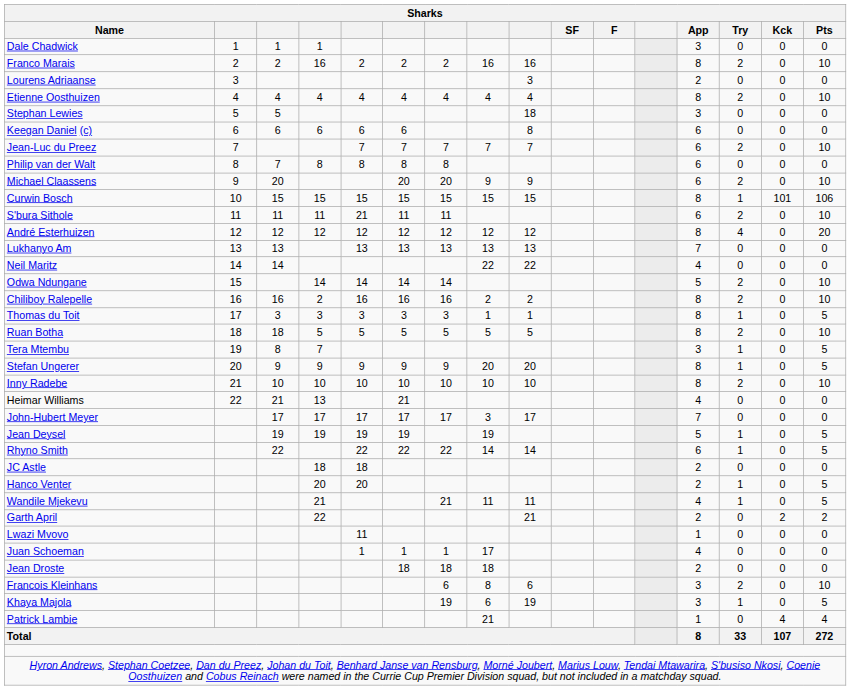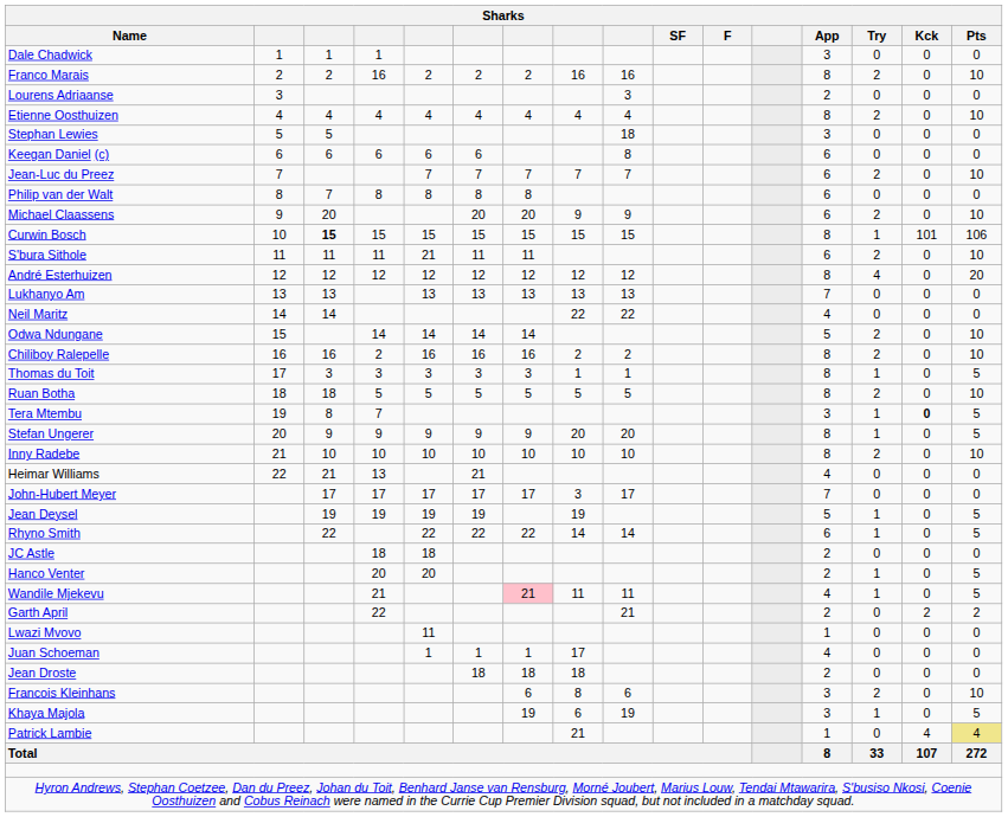 <table class="wikitable collapsible collapsed sortable" style="text-align:center; font-size:90%; width:90%">
 <tr>
 <th colspan="100%">Sharks</th>
 </tr>
 <tr>
 <th style="width:25%;">Name</th>
 <th style="width:5%;"></th>
 <th style="width:5%;"></th>
 <th style="width:5%;"></th>
 <th style="width:5%;"></th>
 <th style="width:5%;"></th>
 <th style="width:5%;"></th>
 <th style="width:5%;"></th>
 <th style="width:5%;"></th>
 <th style="width:5%;">SF</th>
 <th style="width:5%;">F</th>
 <th style="width:5%;"></th>
 <th style="width:5%;">App</th>
 <th style="width:5%;">Try</th>
 <th style="width:5%;">Kck</th>
 <th style="width:5%;">Pts</th>
 </tr>
 <tr>
 <td style="text-align:left;"><a href='#'>Dale Chadwick</a></td>
 <td>1</td>
 <td>1</td>
 <td>1</td>
 <td></td>
 <td></td>
 <td></td>
 <td></td>
 <td></td>
 <td></td>
 <td></td>
 <td style="background:#ECECEC;"></td>
 <td>3</td>
 <td>0</td>
 <td>0</td>
 <td>0</td>
 </tr>
 <tr>
 <td style="text-align:left;"><a href='#'>Franco Marais</a></td>
 <td>2</td>
 <td>2</td>
 <td>16 </td>
 <td>2</td>
 <td>2</td>
 <td>2</td>
 <td>16 </td>
 <td>16 </td>
 <td></td>
 <td></td>
 <td style="background:#ECECEC;"></td>
 <td>8</td>
 <td>2</td>
 <td>0</td>
 <td>10</td>
 </tr>
 <tr>
 <td style="text-align:left;"><a href='#'>Lourens Adriaanse</a></td>
 <td>3</td>
 <td></td>
 <td></td>
 <td></td>
 <td></td>
 <td></td>
 <td></td>
 <td>3</td>
 <td></td>
 <td></td>
 <td style="background:#ECECEC;"></td>
 <td>2</td>
 <td>0</td>
 <td>0</td>
 <td>0</td>
 </tr>
 <tr>
 <td style="text-align:left;"><a href='#'>Etienne Oosthuizen</a></td>
 <td>4</td>
 <td>4</td>
 <td>4</td>
 <td>4</td>
 <td>4</td>
 <td>4</td>
 <td>4</td>
 <td>4</td>
 <td></td>
 <td></td>
 <td style="background:#ECECEC;"></td>
 <td>8</td>
 <td>2</td>
 <td>0</td>
 <td>10</td>
 </tr>
 <tr>
 <td style="text-align:left;"><a href='#'>Stephan Lewies</a></td>
 <td>5</td>
 <td>5</td>
 <td></td>
 <td></td>
 <td></td>
 <td></td>
 <td></td>
 <td>18 </td>
 <td></td>
 <td></td>
 <td style="background:#ECECEC;"></td>
 <td>3</td>
 <td>0</td>
 <td>0</td>
 <td>0</td>
 </tr>
 <tr>
 <td style="text-align:left;"><a href='#'>Keegan Daniel</a> <a href='#'>(c)</a></td>
 <td>6</td>
 <td>6</td>
 <td>6</td>
 <td>6</td>
 <td>6</td>
 <td></td>
 <td></td>
 <td>8</td>
 <td></td>
 <td></td>
 <td style="background:#ECECEC;"></td>
 <td>6</td>
 <td>0</td>
 <td>0</td>
 <td>0</td>
 </tr>
 <tr>
 <td style="text-align:left;"><a href='#'>Jean-Luc du Preez</a></td>
 <td>7</td>
 <td></td>
 <td></td>
 <td>7</td>
 <td>7</td>
 <td>7</td>
 <td>7</td>
 <td>7</td>
 <td></td>
 <td></td>
 <td style="background:#ECECEC;"></td>
 <td>6</td>
 <td>2</td>
 <td>0</td>
 <td>10</td>
 </tr>
 <tr>
 <td style="text-align:left;"><a href='#'>Philip van der Walt</a></td>
 <td>8</td>
 <td>7</td>
 <td>8</td>
 <td>8</td>
 <td>8</td>
 <td>8</td>
 <td></td>
 <td></td>
 <td></td>
 <td></td>
 <td style="background:#ECECEC;"></td>
 <td>6</td>
 <td>0</td>
 <td>0</td>
 <td>0</td>
 </tr>
 <tr>
 <td style="text-align:left;"><a href='#'>Michael Claassens</a></td>
 <td>9</td>
 <td>20 </td>
 <td></td>
 <td></td>
 <td>20 </td>
 <td>20 </td>
 <td>9</td>
 <td>9</td>
 <td></td>
 <td></td>
 <td style="background:#ECECEC;"></td>
 <td>6</td>
 <td>2</td>
 <td>0</td>
 <td>10</td>
 </tr>
 <tr>
 <td style="text-align:left;"><a href='#'>Curwin Bosch</a></td>
 <td>10</td>
-<td>15</td>
+<td><strong>15</strong></td>
 <td>15</td>
 <td>15</td>
 <td>15</td>
 <td>15</td>
 <td>15</td>
 <td>15</td>
 <td></td>
 <td></td>
 <td style="background:#ECECEC;"></td>
 <td>8</td>
 <td>1</td>
 <td>101</td>
 <td>106</td>
 </tr>
 <tr>
 <td style="text-align:left;"><a href='#'>S'bura Sithole</a></td>
 <td>11</td>
 <td>11</td>
 <td>11</td>
 <td>21 </td>
 <td>11</td>
 <td>11</td>
 <td></td>
 <td></td>
 <td></td>
 <td></td>
 <td style="background:#ECECEC;"></td>
 <td>6</td>
 <td>2</td>
 <td>0</td>
 <td>10</td>
 </tr>
 <tr>
 <td style="text-align:left;"><a href='#'>André Esterhuizen</a></td>
 <td>12</td>
 <td>12</td>
 <td>12</td>
 <td>12</td>
 <td>12</td>
 <td>12</td>
 <td>12</td>
 <td>12</td>
 <td></td>
 <td></td>
 <td style="background:#ECECEC;"></td>
 <td>8</td>
 <td>4</td>
 <td>0</td>
 <td>20</td>
 </tr>
 <tr>
 <td style="text-align:left;"><a href='#'>Lukhanyo Am</a></td>
 <td>13</td>
 <td>13</td>
 <td></td>
 <td>13</td>
 <td>13</td>
 <td>13</td>
 <td>13</td>
 <td>13</td>
 <td></td>
 <td></td>
 <td style="background:#ECECEC;"></td>
 <td>7</td>
 <td>0</td>
 <td>0</td>
 <td>0</td>
 </tr>
 <tr>
 <td style="text-align:left;"><a href='#'>Neil Maritz</a></td>
 <td>14</td>
 <td>14</td>
 <td></td>
 <td></td>
 <td></td>
 <td></td>
 <td>22 </td>
 <td>22 </td>
 <td></td>
 <td></td>
 <td style="background:#ECECEC;"></td>
 <td>4</td>
 <td>0</td>
 <td>0</td>
 <td>0</td>
 </tr>
 <tr>
 <td style="text-align:left;"><a href='#'>Odwa Ndungane</a></td>
 <td>15</td>
 <td></td>
 <td>14</td>
 <td>14</td>
 <td>14</td>
 <td>14</td>
 <td></td>
 <td></td>
 <td></td>
 <td></td>
 <td style="background:#ECECEC;"></td>
 <td>5</td>
 <td>2</td>
 <td>0</td>
 <td>10</td>
 </tr>
 <tr>
 <td style="text-align:left;"><a href='#'>Chiliboy Ralepelle</a></td>
 <td>16 </td>
 <td>16 </td>
 <td>2</td>
 <td>16 </td>
 <td>16 </td>
 <td>16 </td>
 <td>2</td>
 <td>2</td>
 <td></td>
 <td></td>
 <td style="background:#ECECEC;"></td>
 <td>8</td>
 <td>2</td>
 <td>0</td>
 <td>10</td>
 </tr>
 <tr>
 <td style="text-align:left;"><a href='#'>Thomas du Toit</a></td>
 <td>17 </td>
 <td>3</td>
 <td>3</td>
 <td>3</td>
 <td>3</td>
 <td>3</td>
 <td>1</td>
 <td>1</td>
 <td></td>
 <td></td>
 <td style="background:#ECECEC;"></td>
 <td>8</td>
 <td>1</td>
 <td>0</td>
 <td>5</td>
 </tr>
 <tr>
 <td style="text-align:left;"><a href='#'>Ruan Botha</a></td>
 <td>18 </td>
 <td>18 </td>
 <td>5</td>
 <td>5</td>
 <td>5</td>
 <td>5</td>
 <td>5</td>
 <td>5</td>
 <td></td>
 <td></td>
 <td style="background:#ECECEC;"></td>
 <td>8</td>
 <td>2</td>
 <td>0</td>
 <td>10</td>
 </tr>
 <tr>
 <td style="text-align:left;"><a href='#'>Tera Mtembu</a></td>
 <td>19 </td>
 <td>8</td>
 <td>7</td>
 <td></td>
 <td></td>
 <td></td>
 <td></td>
 <td></td>
 <td></td>
 <td></td>
 <td style="background:#ECECEC;"></td>
 <td>3</td>
 <td>1</td>
-<td>0</td>
+<td><strong>0</strong></td>
 <td>5</td>
 </tr>
 <tr>
 <td style="text-align:left;"><a href='#'>Stefan Ungerer</a></td>
 <td>20 </td>
 <td>9</td>
 <td>9</td>
 <td>9</td>
 <td>9</td>
 <td>9</td>
 <td>20 </td>
 <td>20 </td>
 <td></td>
 <td></td>
 <td style="background:#ECECEC;"></td>
 <td>8</td>
 <td>1</td>
 <td>0</td>
 <td>5</td>
 </tr>
 <tr>
 <td style="text-align:left;"><a href='#'>Inny Radebe</a></td>
 <td>21 </td>
 <td>10</td>
 <td>10</td>
 <td>10</td>
 <td>10</td>
 <td>10</td>
 <td>10</td>
 <td>10</td>
 <td></td>
 <td></td>
 <td style="background:#ECECEC;"></td>
 <td>8</td>
 <td>2</td>
 <td>0</td>
 <td>10</td>
 </tr>
 <tr>
 <td style="text-align:left;">Heimar Williams</td>
 <td>22 </td>
 <td>21 </td>
 <td>13</td>
 <td></td>
 <td>21 </td>
 <td></td>
 <td></td>
 <td></td>
 <td></td>
 <td></td>
 <td style="background:#ECECEC;"></td>
 <td>4</td>
 <td>0</td>
 <td>0</td>
 <td>0</td>
 </tr>
 <tr>
 <td style="text-align:left;"><a href='#'>John-Hubert Meyer</a></td>
 <td></td>
 <td>17 </td>
 <td>17 </td>
 <td>17 </td>
 <td>17 </td>
 <td>17 </td>
 <td>3</td>
 <td>17 </td>
 <td></td>
 <td></td>
 <td style="background:#ECECEC;"></td>
 <td>7</td>
 <td>0</td>
 <td>0</td>
 <td>0</td>
 </tr>
 <tr>
 <td style="text-align:left;"><a href='#'>Jean Deysel</a></td>
 <td></td>
 <td>19 </td>
 <td>19 </td>
 <td>19 </td>
 <td>19 </td>
 <td></td>
 <td>19 </td>
 <td></td>
 <td></td>
 <td></td>
 <td style="background:#ECECEC;"></td>
 <td>5</td>
 <td>1</td>
 <td>0</td>
 <td>5</td>
 </tr>
 <tr>
 <td style="text-align:left;"><a href='#'>Rhyno Smith</a></td>
 <td></td>
 <td>22 </td>
 <td></td>
 <td>22 </td>
 <td>22 </td>
 <td>22 </td>
 <td>14</td>
 <td>14</td>
 <td></td>
 <td></td>
 <td style="background:#ECECEC;"></td>
 <td>6</td>
 <td>1</td>
 <td>0</td>
 <td>5</td>
 </tr>
 <tr>
 <td style="text-align:left;"><a href='#'>JC Astle</a></td>
 <td></td>
 <td></td>
 <td>18 </td>
 <td>18 </td>
 <td></td>
 <td></td>
 <td></td>
 <td></td>
 <td></td>
 <td></td>
 <td style="background:#ECECEC;"></td>
 <td>2</td>
 <td>0</td>
 <td>0</td>
 <td>0</td>
 </tr>
 <tr>
 <td style="text-align:left;"><a href='#'>Hanco Venter</a></td>
 <td></td>
 <td></td>
 <td>20 </td>
 <td>20 </td>
 <td></td>
 <td></td>
 <td></td>
 <td></td>
 <td></td>
 <td></td>
 <td style="background:#ECECEC;"></td>
 <td>2</td>
 <td>1</td>
 <td>0</td>
 <td>5</td>
 </tr>
 <tr>
 <td style="text-align:left;"><a href='#'>Wandile Mjekevu</a></td>
 <td></td>
 <td></td>
 <td>21 </td>
 <td></td>
 <td></td>
-<td>21 </td>
+<td style="background: pink;">21 </td>
 <td>11</td>
 <td>11</td>
 <td></td>
 <td></td>
 <td style="background:#ECECEC;"></td>
 <td>4</td>
 <td>1</td>
 <td>0</td>
 <td>5</td>
 </tr>
 <tr>
 <td style="text-align:left;"><a href='#'>Garth April</a></td>
 <td></td>
 <td></td>
 <td>22 </td>
 <td></td>
 <td></td>
 <td></td>
 <td></td>
 <td>21 </td>
 <td></td>
 <td></td>
 <td style="background:#ECECEC;"></td>
 <td>2</td>
 <td>0</td>
 <td>2</td>
 <td>2</td>
 </tr>
 <tr>
 <td style="text-align:left;"><a href='#'>Lwazi Mvovo</a></td>
 <td></td>
 <td></td>
 <td></td>
 <td>11</td>
 <td></td>
 <td></td>
 <td></td>
 <td></td>
 <td></td>
 <td></td>
 <td style="background:#ECECEC;"></td>
 <td>1</td>
 <td>0</td>
 <td>0</td>
 <td>0</td>
 </tr>
 <tr>
 <td style="text-align:left;"><a href='#'>Juan Schoeman</a></td>
 <td></td>
 <td></td>
 <td></td>
 <td>1</td>
 <td>1</td>
 <td>1</td>
 <td>17 </td>
 <td></td>
 <td></td>
 <td></td>
 <td style="background:#ECECEC;"></td>
 <td>4</td>
 <td>0</td>
 <td>0</td>
 <td>0</td>
 </tr>
 <tr>
 <td style="text-align:left;"><a href='#'>Jean Droste</a></td>
 <td></td>
 <td></td>
 <td></td>
 <td></td>
 <td>18 </td>
 <td>18</td>
 <td>18 </td>
 <td></td>
 <td></td>
 <td></td>
 <td style="background:#ECECEC;"></td>
 <td>2</td>
 <td>0</td>
 <td>0</td>
 <td>0</td>
 </tr>
 <tr>
 <td style="text-align:left;"><a href='#'>Francois Kleinhans</a></td>
 <td></td>
 <td></td>
 <td></td>
 <td></td>
 <td></td>
 <td>6</td>
 <td>8</td>
 <td>6</td>
 <td></td>
 <td></td>
 <td style="background:#ECECEC;"></td>
 <td>3</td>
 <td>2</td>
 <td>0</td>
 <td>10</td>
 </tr>
 <tr>
 <td style="text-align:left;"><a href='#'>Khaya Majola</a></td>
 <td></td>
 <td></td>
 <td></td>
 <td></td>
 <td></td>
 <td>19 </td>
 <td>6</td>
 <td>19 </td>
 <td></td>
 <td></td>
 <td style="background:#ECECEC;"></td>
 <td>3</td>
 <td>1</td>
 <td>0</td>
 <td>5</td>
 </tr>
 <tr>
 <td style="text-align:left;"><a href='#'>Patrick Lambie</a></td>
 <td></td>
 <td></td>
 <td></td>
 <td></td>
 <td></td>
 <td></td>
 <td>21 </td>
 <td></td>
 <td></td>
 <td></td>
 <td style="background:#ECECEC;"></td>
 <td>1</td>
 <td>0</td>
 <td>4</td>
-<td>4</td>
+<td style="background: khaki;">4</td>
 </tr>
 <tr>
 <th colspan="11" style="text-align:left;">Total</th>
 <th style="background:#ECECEC;"></th>
 <th>8</th>
 <th>33</th>
 <th>107</th>
 <th>272</th>
 </tr>
 <tr>
 <td colspan="100%" style="height: 10px;"></td>
 </tr>
 <tr>
 <td colspan="100%" style="text-align:center;"><em><a href='#'>Hyron Andrews</a>, <a href='#'>Stephan Coetzee</a>, <a href='#'>Dan du Preez</a>, <a href='#'>Johan du Toit</a>, <a href='#'>Benhard Janse van Rensburg</a>, <a href='#'>Morné Joubert</a>, <a href='#'>Marius Louw</a>, <a href='#'>Tendai Mtawarira</a>, <a href='#'>S'busiso Nkosi</a>, <a href='#'>Coenie Oosthuizen</a> and <a href='#'>Cobus Reinach</a> were named in the Currie Cup Premier Division squad, but not included in a matchday squad.</em></td>
 </tr>
 </table>
